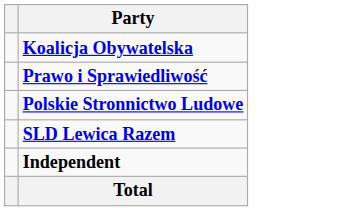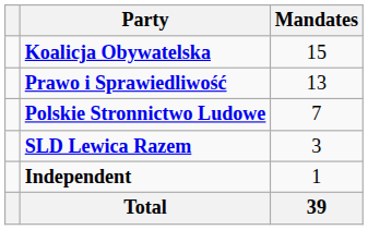 <table class="wikitable">
 <tr>
 <th width=5></th>
 <th>Party</th>
+<th>Mandates</th>
 </tr>
 <tr>
 <td style="background:"></td>
 <td><strong><a href='#'>Koalicja Obywatelska</a></strong></td>
+<td align="center">15</td>
 </tr>
 <tr>
 <td style="background:"></td>
 <td><strong><a href='#'>Prawo i Sprawiedliwość</a></strong></td>
+<td align="center">13</td>
 </tr>
 <tr>
 <td style="background:"></td>
 <td><strong><a href='#'>Polskie Stronnictwo Ludowe</a></strong></td>
+<td align="center">7</td>
 </tr>
 <tr>
 <td style="background:"></td>
 <td><strong><a href='#'>SLD Lewica Razem</a></strong></td>
+<td align="center">3</td>
 </tr>
 <tr>
 <td style="background:"></td>
 <td><strong>Independent</strong></td>
+<td align="center">1</td>
 </tr>
 <tr bgcolor="#ececec">
 <th></th>
 <th>Total</th>
+<th align="center">39</th>
 </tr>
 </table>
